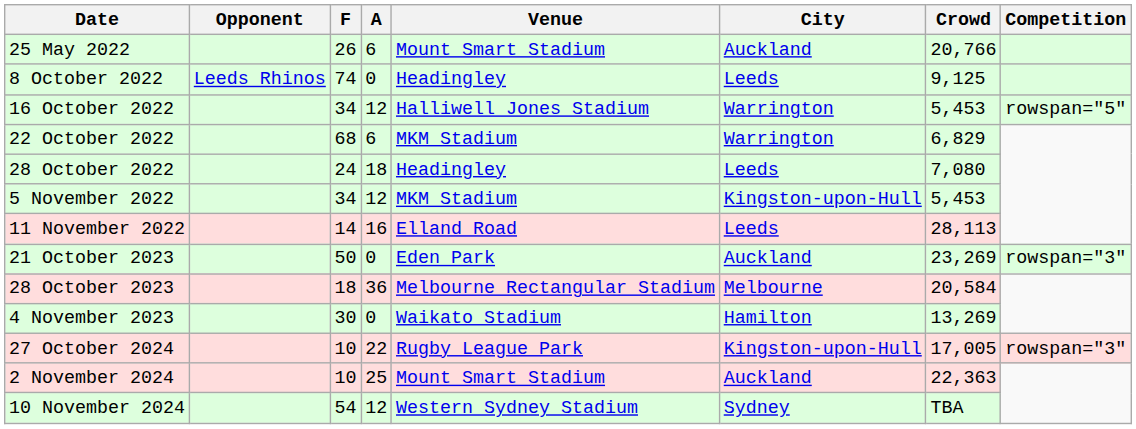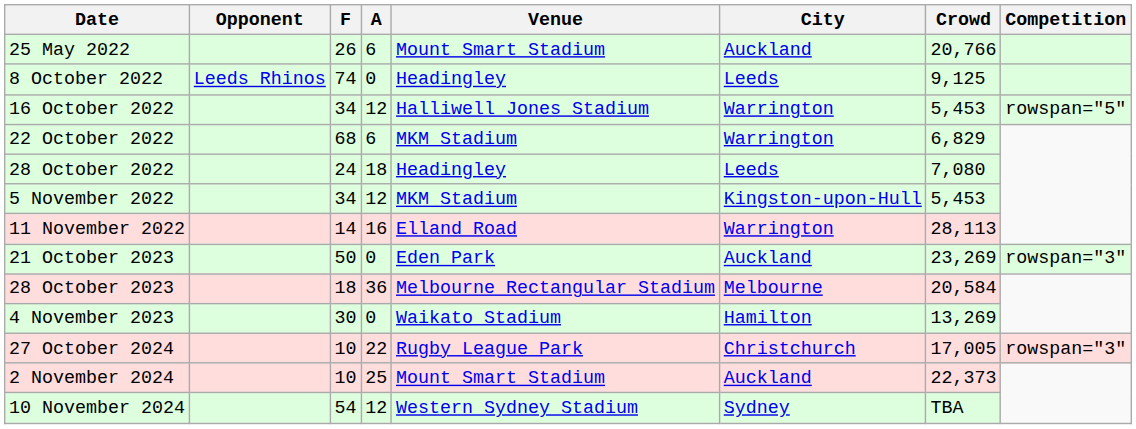 <table class="wikitable sortable">
 <tr>
 <th>Date</th>
 <th>Opponent</th>
 <th>F</th>
 <th>A</th>
 <th>Venue</th>
 <th>City</th>
 <th>Crowd</th>
 <th>Competition</th>
 </tr>
 <tr style="background:#ddffdd;">
 <td>25 May 2022</td>
 <td></td>
 <td>26</td>
 <td>6</td>
 <td><a href='#'>Mount Smart Stadium</a></td>
 <td><a href='#'>Auckland</a></td>
 <td>20,766</td>
 <td></td>
 </tr>
 <tr style="background:#ddffdd;">
 <td>8 October 2022</td>
 <td> <a href='#'>Leeds Rhinos</a></td>
 <td>74</td>
 <td>0</td>
 <td><a href='#'>Headingley</a></td>
 <td><a href='#'>Leeds</a></td>
 <td>9,125</td>
 <td></td>
 </tr>
 <tr style="background:#ddffdd;">
 <td>16 October 2022</td>
 <td></td>
 <td>34</td>
 <td>12</td>
 <td><a href='#'>Halliwell Jones Stadium</a></td>
 <td><a href='#'>Warrington</a></td>
 <td>5,453</td>
 <td>rowspan="5" </td>
 </tr>
 <tr style="background:#ddffdd;">
 <td>22 October 2022</td>
 <td></td>
 <td>68</td>
 <td>6</td>
 <td><a href='#'>MKM Stadium</a></td>
 <td><a href='#'>Warrington</a></td>
 <td>6,829</td>
 </tr>
 <tr style="background:#ddffdd;">
 <td>28 October 2022</td>
 <td></td>
 <td>24</td>
 <td>18</td>
 <td><a href='#'>Headingley</a></td>
 <td><a href='#'>Leeds</a></td>
 <td>7,080</td>
 </tr>
 <tr style="background:#ddffdd;">
 <td>5 November 2022</td>
 <td></td>
 <td>34</td>
 <td>12</td>
 <td><a href='#'>MKM Stadium</a></td>
 <td><a href='#'>Kingston-upon-Hull</a></td>
 <td>5,453</td>
 </tr>
 <tr style="background:#ffdddd;">
 <td>11 November 2022</td>
 <td></td>
 <td>14</td>
 <td>16</td>
 <td><a href='#'>Elland Road</a></td>
-<td><a href='#'>Leeds</a></td>
+<td><a href='#'>Warrington</a></td>
 <td>28,113</td>
 </tr>
 <tr style="background:#ddffdd;">
 <td>21 October 2023</td>
 <td></td>
 <td>50</td>
 <td>0</td>
 <td><a href='#'>Eden Park</a></td>
 <td><a href='#'>Auckland</a></td>
 <td>23,269</td>
 <td>rowspan="3" </td>
 </tr>
 <tr style="background:#ffdddd;">
 <td>28 October 2023</td>
 <td></td>
 <td>18</td>
 <td>36</td>
 <td><a href='#'>Melbourne Rectangular Stadium</a></td>
 <td><a href='#'>Melbourne</a></td>
 <td>20,584</td>
 </tr>
 <tr style="background:#ddffdd;">
 <td>4 November 2023</td>
 <td></td>
 <td>30</td>
 <td>0</td>
 <td><a href='#'>Waikato Stadium</a></td>
 <td><a href='#'>Hamilton</a></td>
 <td>13,269</td>
 </tr>
 <tr style="background:#ffdddd;">
 <td>27 October 2024</td>
 <td></td>
 <td>10</td>
 <td>22</td>
 <td><a href='#'>Rugby League Park</a></td>
-<td><a href='#'>Kingston-upon-Hull</a></td>
+<td><a href='#'>Christchurch</a></td>
 <td>17,005</td>
 <td>rowspan="3" </td>
 </tr>
 <tr style="background:#ffdddd;">
 <td>2 November 2024</td>
 <td></td>
 <td>10</td>
 <td>25</td>
 <td><a href='#'>Mount Smart Stadium</a></td>
 <td><a href='#'>Auckland</a></td>
-<td>22,363</td>
+<td>22,373</td>
 </tr>
 <tr style="background:#ddffdd;">
 <td>10 November 2024</td>
 <td></td>
 <td>54</td>
 <td>12</td>
 <td><a href='#'>Western Sydney Stadium</a></td>
 <td><a href='#'>Sydney</a></td>
 <td>TBA</td>
 </tr>
 </table>
